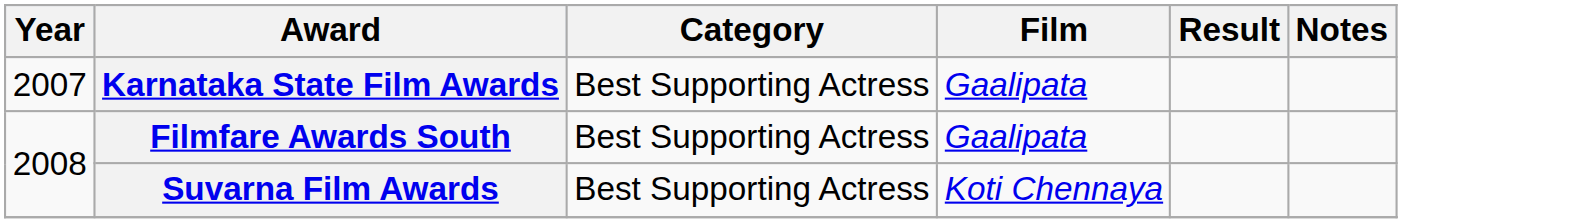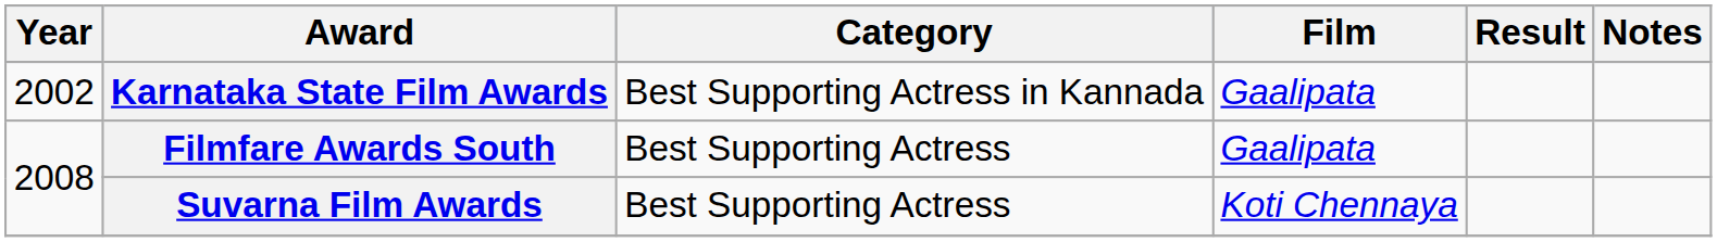 <table class="wikitable">
 <tr style="background:#B0C4DE;">
 <th scope="col">Year</th>
 <th scope="col">Award</th>
 <th scope="col">Category</th>
 <th scope="col">Film</th>
 <th scope="col">Result</th>
 <th scope="col">Notes</th>
 </tr>
 <tr>
-<td>2007</td>
+<td>2002</td>
 <th scope="row"><a href='#'>Karnataka State Film Awards</a></th>
-<td>Best Supporting Actress</td>
+<td>Best Supporting Actress in Kannada</td>
 <td><em><a href='#'>Gaalipata</a></em></td>
 <td></td>
 <td></td>
 </tr>
 <tr>
 <td rowspan="2">2008</td>
 <th scope="row"><a href='#'>Filmfare Awards South</a></th>
 <td>Best Supporting Actress</td>
 <td><em><a href='#'>Gaalipata</a></em></td>
 <td></td>
 <td></td>
 </tr>
 <tr>
 <th scope="row"><a href='#'>Suvarna Film Awards</a></th>
 <td>Best Supporting Actress</td>
 <td><em><a href='#'>Koti Chennaya</a></em></td>
 <td></td>
 <td></td>
 </tr>
 <tr>
 </tr>
 </table>
